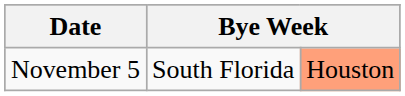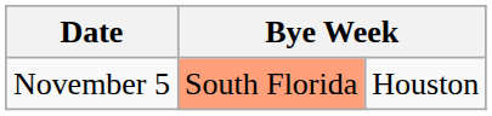 <table class="wikitable" style="font-size:95%;">
 <tr>
 <th>Date</th>
 <th colspan="6">Bye Week</th>
 </tr>
 <tr>
 <td>November 5</td>
-<td>South Florida</td>
-<td style="background: lightsalmon;">Houston</td>
+<td style="background: lightsalmon;">South Florida</td>
+<td>Houston</td>
 </tr>
 </table>
